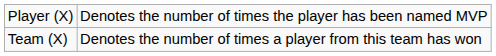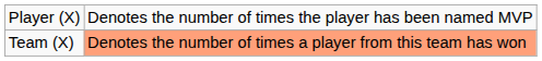 <table class="wikitable">
 <tr>
 <td>Player (X)</td>
 <td>Denotes the number of times the player has been named MVP</td>
 </tr>
 <tr>
 <td>Team (X)</td>
-<td>Denotes the number of times a player from this team has won</td>
+<td style="background: lightsalmon;">Denotes the number of times a player from this team has won</td>
 </tr>
 </table>
